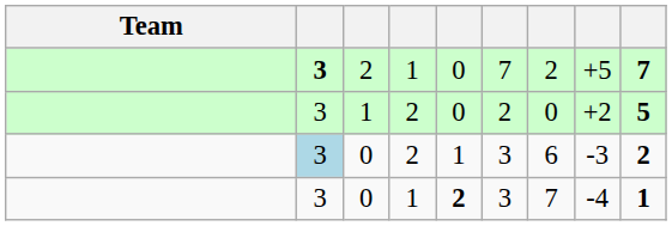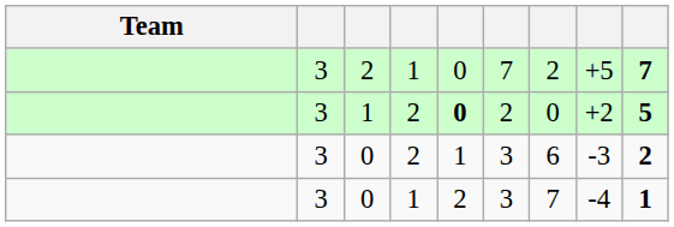 <table class="wikitable" style="text-align: center;">
 <tr>
 <th width="165">Team</th>
 <th width="20"></th>
 <th width="20"></th>
 <th width="20"></th>
 <th width="20"></th>
 <th width="20"></th>
 <th width="20"></th>
 <th width="20"></th>
 <th width="20"></th>
 </tr>
 <tr bgcolor=ccffcc>
 <td style="text-align:left;"></td>
-<td><strong>3</strong></td>
+<td>3</td>
 <td>2</td>
 <td>1</td>
 <td>0</td>
 <td>7</td>
 <td>2</td>
 <td>+5</td>
 <td><strong>7</strong></td>
 </tr>
 <tr bgcolor=ccffcc>
 <td style="text-align:left;"></td>
 <td>3</td>
 <td>1</td>
 <td>2</td>
-<td>0</td>
+<td><strong>0</strong></td>
 <td>2</td>
 <td>0</td>
 <td>+2</td>
 <td><strong>5</strong></td>
 </tr>
 <tr>
 <td style="text-align:left;"></td>
-<td style="background: lightblue;">3</td>
+<td>3</td>
 <td>0</td>
 <td>2</td>
 <td>1</td>
 <td>3</td>
 <td>6</td>
 <td>-3</td>
 <td><strong>2</strong></td>
 </tr>
 <tr>
 <td style="text-align:left;"></td>
 <td>3</td>
 <td>0</td>
 <td>1</td>
-<td><strong>2</strong></td>
+<td>2</td>
 <td>3</td>
 <td>7</td>
 <td>-4</td>
 <td><strong>1</strong></td>
 </tr>
 </table>
